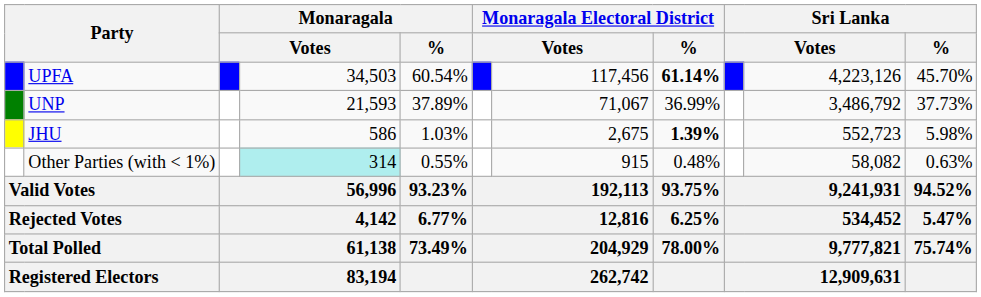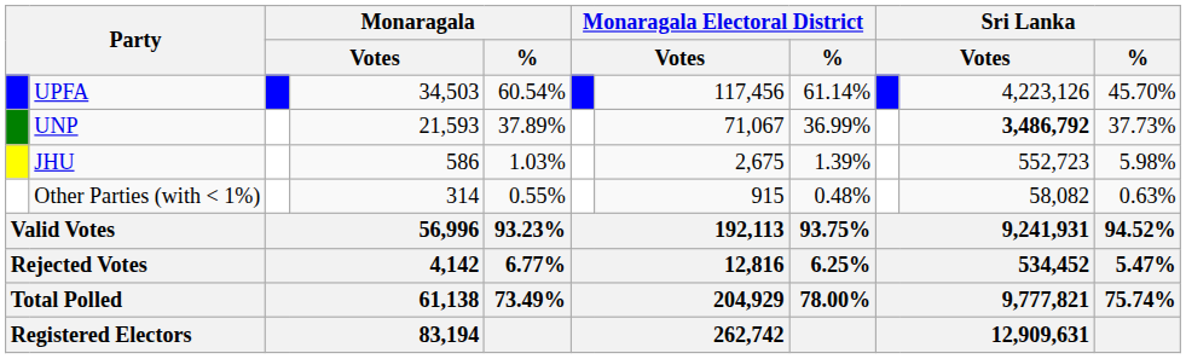 <table class="wikitable">
 <tr>
 <th colspan="2" width="144px"rowspan="2">Party</th>
 <th colspan="3" width="216px">Monaragala</th>
 <th colspan="3" width="216px"><a href='#'>Monaragala Electoral District</a></th>
 <th colspan="3" width="216px">Sri Lanka</th>
 </tr>
 <tr>
 <th colspan="2" width="144px">Votes</th>
 <th>%</th>
 <th colspan="2" width="144px">Votes</th>
 <th>%</th>
 <th colspan="2" width="144px">Votes</th>
 <th>%</th>
 </tr>
 <tr>
 <td style="background-color:blue;" width="10px"></td>
 <td style="text-align:left;"><a href='#'>UPFA</a></td>
 <td style="background-color:blue;" width="10px"></td>
 <td style="text-align:right;">34,503</td>
 <td style="text-align:right;">60.54%</td>
 <td style="background-color:blue;" width="10px"></td>
 <td style="text-align:right;">117,456</td>
-<td style="text-align:right;"><strong>61.14%</strong></td>
+<td style="text-align:right;">61.14%</td>
 <td style="background-color:blue;" width="10px"></td>
 <td style="text-align:right;">4,223,126</td>
 <td style="text-align:right;">45.70%</td>
 </tr>
 <tr>
 <td style="background-color:green;" width="10px"></td>
 <td style="text-align:left;"><a href='#'>UNP</a></td>
 <td style="background-color:white;" width="10px"></td>
 <td style="text-align:right;">21,593</td>
 <td style="text-align:right;">37.89%</td>
 <td style="background-color:white;" width="10px"></td>
 <td style="text-align:right;">71,067</td>
 <td style="text-align:right;">36.99%</td>
 <td style="background-color:white;" width="10px"></td>
-<td style="text-align:right;">3,486,792</td>
+<td style="text-align:right;"><strong>3,486,792</strong></td>
 <td style="text-align:right;">37.73%</td>
 </tr>
 <tr>
 <td style="background-color:yellow;" width="10px"></td>
 <td style="text-align:left;"><a href='#'>JHU</a></td>
 <td style="background-color:white;" width="10px"></td>
 <td style="text-align:right;">586</td>
 <td style="text-align:right;">1.03%</td>
 <td style="background-color:white;" width="10px"></td>
 <td style="text-align:right;">2,675</td>
-<td style="text-align:right;"><strong>1.39%</strong></td>
+<td style="text-align:right;">1.39%</td>
 <td style="background-color:white;" width="10px"></td>
 <td style="text-align:right;">552,723</td>
 <td style="text-align:right;">5.98%</td>
 </tr>
 <tr>
 <td style="background-color:white;" width="10px"></td>
 <td style="text-align:left;">Other Parties (with < 1%)</td>
 <td style="background-color:white;" width="10px"></td>
-<td style="background: paleturquoise; text-align:right;">314</td>
+<td style="text-align:right;">314</td>
 <td style="text-align:right;">0.55%</td>
 <td style="background-color:white;" width="10px"></td>
 <td style="text-align:right;">915</td>
 <td style="text-align:right;">0.48%</td>
 <td style="background-color:white;" width="10px"></td>
 <td style="text-align:right;">58,082</td>
 <td style="text-align:right;">0.63%</td>
 </tr>
 <tr>
 <th colspan="2" width="144px"style="text-align:left;">Valid Votes</th>
 <th style="text-align:right;"colspan="2" width="144px">56,996</th>
 <th style="text-align:right;">93.23%</th>
 <th style="text-align:right;"colspan="2" width="144px">192,113</th>
 <th style="text-align:right;">93.75%</th>
 <th style="text-align:right;"colspan="2" width="144px">9,241,931</th>
 <th style="text-align:right;">94.52%</th>
 </tr>
 <tr>
 <th colspan="2" width="144px"style="text-align:left;">Rejected Votes</th>
 <th style="text-align:right;"colspan="2" width="144px">4,142</th>
 <th style="text-align:right;">6.77%</th>
 <th style="text-align:right;"colspan="2" width="144px">12,816</th>
 <th style="text-align:right;">6.25%</th>
 <th style="text-align:right;"colspan="2" width="144px">534,452</th>
 <th style="text-align:right;">5.47%</th>
 </tr>
 <tr>
 <th colspan="2" width="144px"style="text-align:left;">Total Polled</th>
 <th style="text-align:right;"colspan="2" width="144px">61,138</th>
 <th style="text-align:right;">73.49%</th>
 <th style="text-align:right;"colspan="2" width="144px">204,929</th>
 <th style="text-align:right;">78.00%</th>
 <th style="text-align:right;"colspan="2" width="144px">9,777,821</th>
 <th style="text-align:right;">75.74%</th>
 </tr>
 <tr>
 <th colspan="2" width="144px"style="text-align:left;">Registered Electors</th>
 <th style="text-align:right;"colspan="2" width="144px">83,194</th>
 <th></th>
 <th style="text-align:right;"colspan="2" width="144px">262,742</th>
 <th></th>
 <th style="text-align:right;"colspan="2" width="144px">12,909,631</th>
 <th></th>
 </tr>
 </table>
